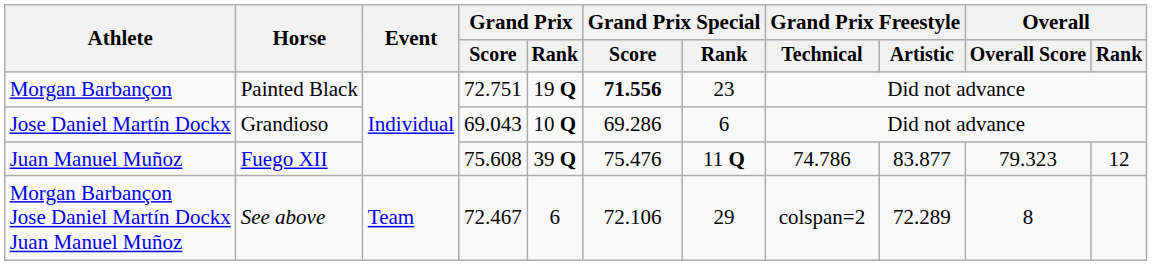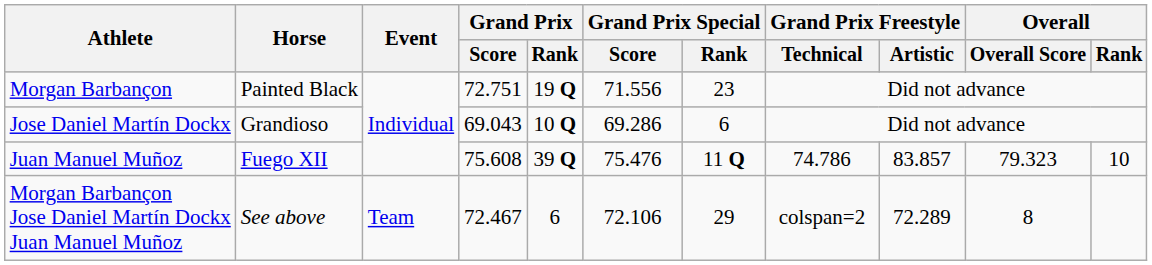 <table class=wikitable style="font-size:90%">
 <tr>
 <th rowspan="2">Athlete</th>
 <th rowspan="2">Horse</th>
 <th rowspan="2">Event</th>
 <th colspan="2">Grand Prix</th>
 <th colspan="2">Grand Prix Special</th>
 <th colspan="2">Grand Prix Freestyle</th>
 <th colspan="2">Overall</th>
 </tr>
 <tr style="font-size:95%">
 <th>Score</th>
 <th>Rank</th>
 <th>Score</th>
 <th>Rank</th>
 <th>Technical</th>
 <th>Artistic</th>
 <th>Overall Score</th>
 <th>Rank</th>
 </tr>
 <tr align=center>
 <td align=left><a href='#'>Morgan Barbançon</a></td>
 <td align=left>Painted Black</td>
 <td rowspan=3 align=left><a href='#'>Individual</a></td>
 <td>72.751</td>
 <td>19 <strong>Q</strong></td>
-<td><strong>71.556</strong></td>
+<td>71.556</td>
 <td>23</td>
 <td colspan=4>Did not advance</td>
 </tr>
 <tr align=center>
 <td align=left><a href='#'>Jose Daniel Martín Dockx</a></td>
 <td align=left>Grandioso</td>
 <td>69.043</td>
 <td>10 <strong>Q</strong></td>
 <td>69.286</td>
 <td>6</td>
 <td colspan=4>Did not advance</td>
 </tr>
 <tr align=center>
 <td align=left><a href='#'>Juan Manuel Muñoz</a></td>
 <td align=left><a href='#'>Fuego XII</a></td>
 <td>75.608</td>
 <td>39 <strong>Q</strong></td>
 <td>75.476</td>
 <td>11 <strong>Q</strong></td>
 <td>74.786</td>
-<td>83.877</td>
+<td>83.857</td>
 <td>79.323</td>
-<td>12</td>
+<td>10</td>
 </tr>
 <tr align=center>
 <td align=left><a href='#'>Morgan Barbançon</a><br><a href='#'>Jose Daniel Martín Dockx</a><br><a href='#'>Juan Manuel Muñoz</a></td>
 <td align=left><em>See above</em></td>
 <td align=left><a href='#'>Team</a></td>
 <td>72.467</td>
 <td>6</td>
 <td>72.106</td>
 <td>29</td>
 <td>colspan=2 </td>
 <td>72.289</td>
 <td>8</td>
 </tr>
 </table>
